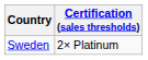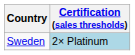 <table class="wikitable" border="1">
 <tr>
 <th>Country</th>
 <th><a href='#'>Certification</a><br><small>(<a href='#'>sales thresholds</a>)</small></th>
 </tr>
 <tr>
 <td><a href='#'>Sweden</a></td>
-<td>2× Platinum</td>
+<td style="background: lightblue;">2× Platinum</td>
 </tr>
 </table>
